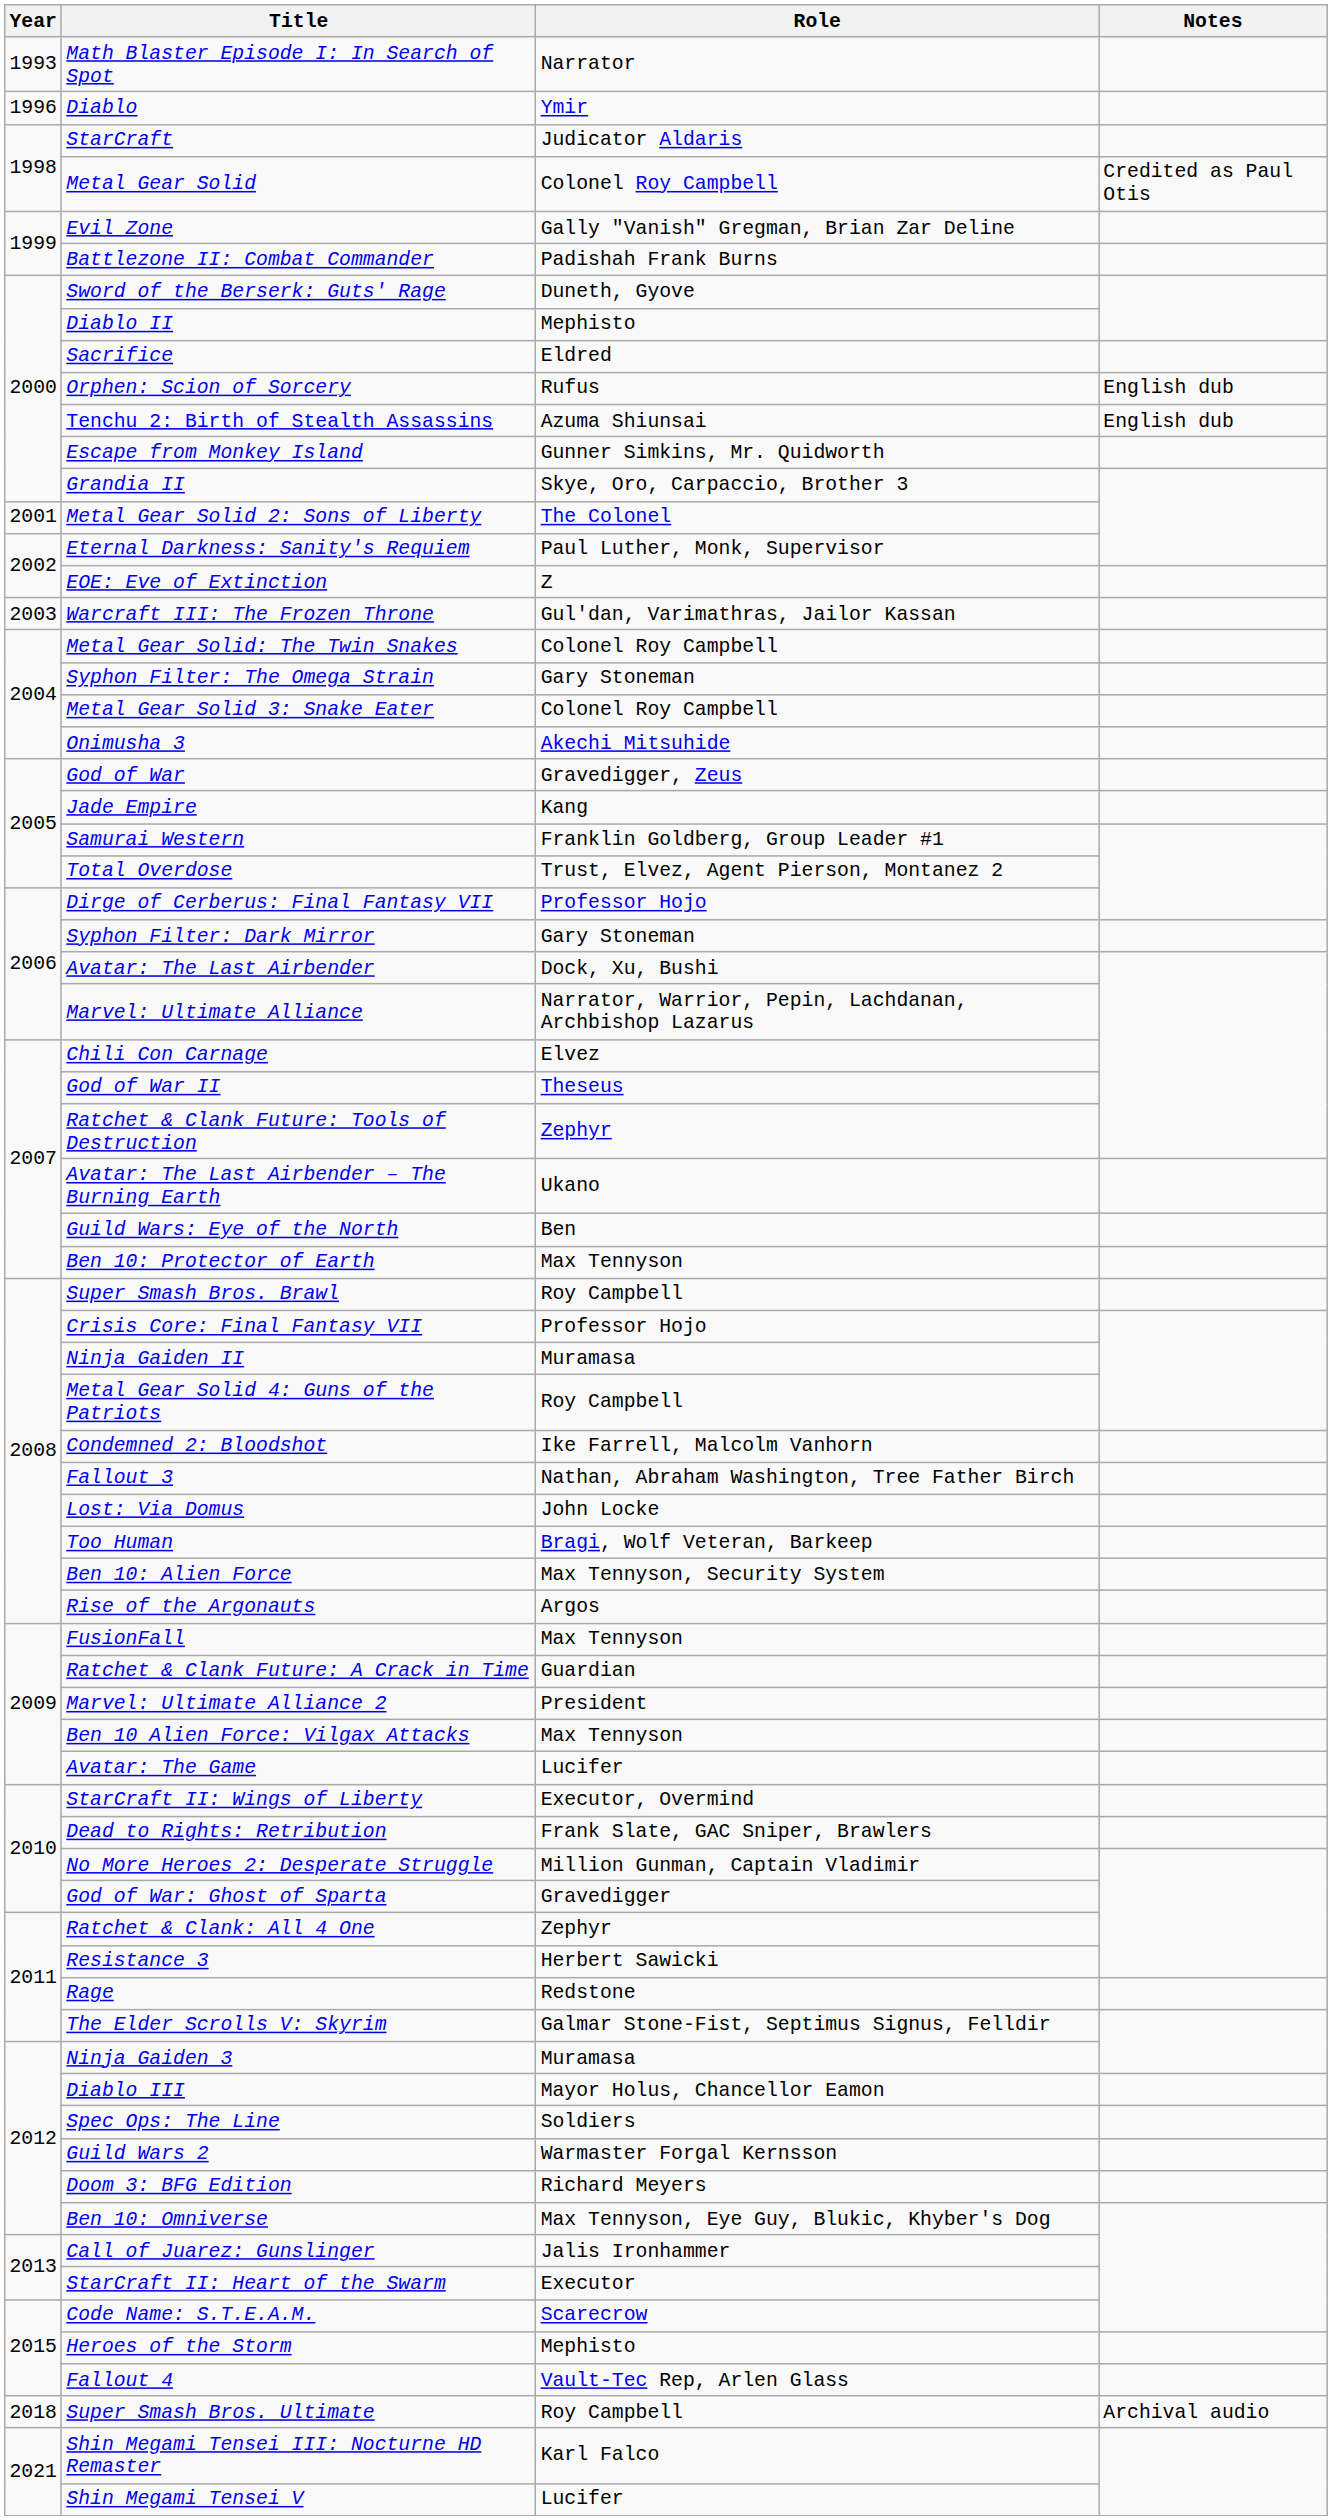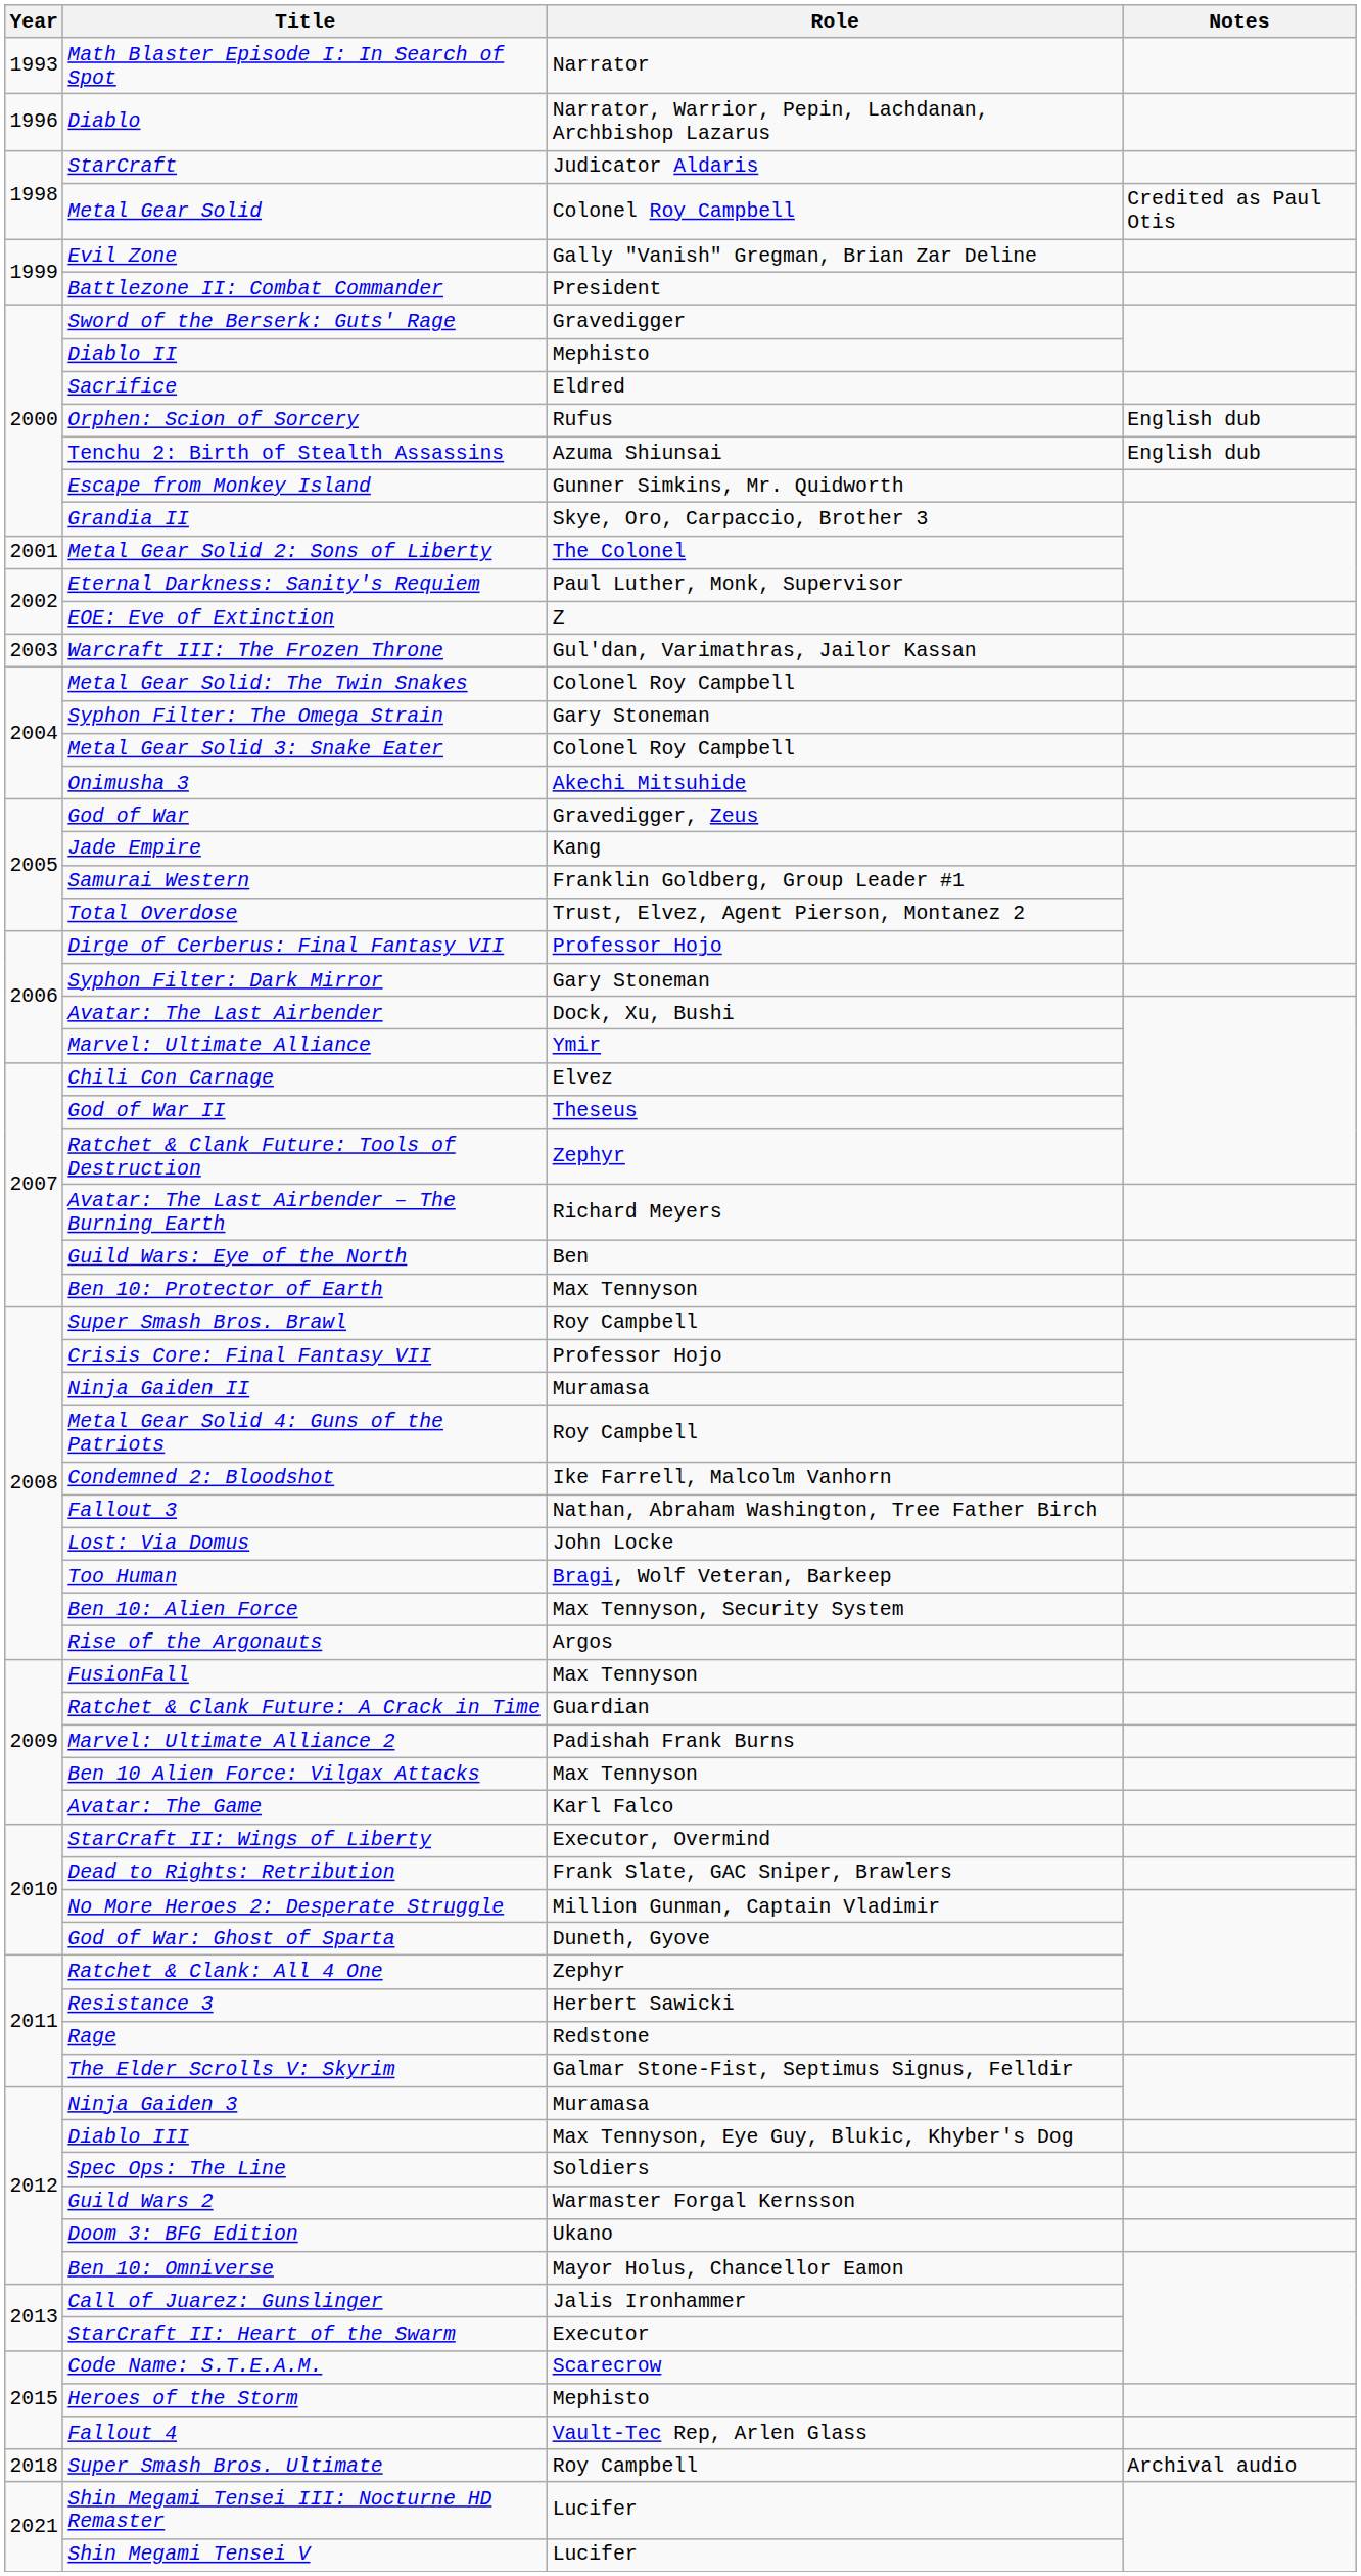 <table class="wikitable sortable">
 <tr>
 <th>Year</th>
 <th>Title</th>
 <th>Role</th>
 <th>Notes</th>
 </tr>
 <tr>
 <td>1993</td>
 <td><em><a href='#'>Math Blaster Episode I: In Search of Spot</a></em></td>
 <td>Narrator</td>
 <td></td>
 </tr>
 <tr>
 <td>1996</td>
 <td><em><a href='#'>Diablo</a></em></td>
-<td><a href='#'>Ymir</a></td>
+<td>Narrator, Warrior, Pepin, Lachdanan, Archbishop Lazarus</td>
 <td></td>
 </tr>
 <tr>
 <td rowspan="2">1998</td>
 <td><em><a href='#'>StarCraft</a></em></td>
 <td>Judicator <a href='#'>Aldaris</a></td>
 <td></td>
 </tr>
 <tr>
 <td><em><a href='#'>Metal Gear Solid</a></em></td>
 <td>Colonel <a href='#'>Roy Campbell</a></td>
 <td>Credited as Paul Otis</td>
 </tr>
 <tr>
 <td rowspan="2">1999</td>
 <td><em><a href='#'>Evil Zone</a></em></td>
 <td>Gally "Vanish" Gregman, Brian Zar Deline</td>
 <td></td>
 </tr>
 <tr>
 <td><em><a href='#'>Battlezone II: Combat Commander</a></em></td>
-<td>Padishah Frank Burns</td>
+<td>President</td>
 <td></td>
 </tr>
 <tr>
 <td rowspan="7">2000</td>
 <td><em><a href='#'>Sword of the Berserk: Guts' Rage</a></em></td>
-<td>Duneth, Gyove</td>
+<td>Gravedigger</td>
 <td rowspan="2"></td>
 </tr>
 <tr>
 <td><em><a href='#'>Diablo II</a></em></td>
 <td>Mephisto</td>
 </tr>
 <tr>
 <td><em><a href='#'>Sacrifice</a></em></td>
 <td>Eldred</td>
 <td></td>
 </tr>
 <tr>
 <td><em><a href='#'>Orphen: Scion of Sorcery</a></em></td>
 <td>Rufus</td>
 <td>English dub</td>
 </tr>
 <tr>
 <td><a href='#'>Tenchu 2: Birth of Stealth Assassins</a></td>
 <td>Azuma Shiunsai</td>
 <td>English dub</td>
 </tr>
 <tr>
 <td><em><a href='#'>Escape from Monkey Island</a></em></td>
 <td>Gunner Simkins, Mr. Quidworth</td>
 <td></td>
 </tr>
 <tr>
 <td><em><a href='#'>Grandia II</a></em></td>
 <td>Skye, Oro, Carpaccio, Brother 3</td>
 <td rowspan="3"></td>
 </tr>
 <tr>
 <td>2001</td>
 <td><em><a href='#'>Metal Gear Solid 2: Sons of Liberty</a></em></td>
 <td><a href='#'>The Colonel</a></td>
 </tr>
 <tr>
 <td rowspan="2">2002</td>
 <td><em><a href='#'>Eternal Darkness: Sanity's Requiem</a></em></td>
 <td>Paul Luther, Monk, Supervisor</td>
 </tr>
 <tr>
 <td><em><a href='#'>EOE: Eve of Extinction</a></em></td>
 <td>Z</td>
 <td></td>
 </tr>
 <tr>
 <td>2003</td>
 <td><em><a href='#'>Warcraft III: The Frozen Throne</a></em></td>
 <td>Gul'dan, Varimathras, Jailor Kassan</td>
 <td></td>
 </tr>
 <tr>
 <td rowspan="4">2004</td>
 <td><em><a href='#'>Metal Gear Solid: The Twin Snakes</a></em></td>
 <td>Colonel Roy Campbell</td>
 <td></td>
 </tr>
 <tr>
 <td><em><a href='#'>Syphon Filter: The Omega Strain</a></em></td>
 <td>Gary Stoneman</td>
 <td></td>
 </tr>
 <tr>
 <td><em><a href='#'>Metal Gear Solid 3: Snake Eater</a></em></td>
 <td>Colonel Roy Campbell</td>
 <td></td>
 </tr>
 <tr>
 <td><em><a href='#'>Onimusha 3</a></em></td>
 <td><a href='#'>Akechi Mitsuhide</a></td>
 <td></td>
 </tr>
 <tr>
 <td rowspan="4">2005</td>
 <td><em><a href='#'>God of War</a></em></td>
 <td>Gravedigger, <a href='#'>Zeus</a></td>
 <td></td>
 </tr>
 <tr>
 <td><em><a href='#'>Jade Empire</a></em></td>
 <td>Kang</td>
 <td></td>
 </tr>
 <tr>
 <td><em><a href='#'>Samurai Western</a></em></td>
 <td>Franklin Goldberg, Group Leader #1</td>
 <td rowspan="3"></td>
 </tr>
 <tr>
 <td><em><a href='#'>Total Overdose</a></em></td>
 <td>Trust, Elvez, Agent Pierson, Montanez 2</td>
 </tr>
 <tr>
 <td rowspan="4">2006</td>
 <td><em><a href='#'>Dirge of Cerberus: Final Fantasy VII</a></em></td>
 <td><a href='#'>Professor Hojo</a></td>
 </tr>
 <tr>
 <td><em><a href='#'>Syphon Filter: Dark Mirror</a></em></td>
 <td>Gary Stoneman</td>
 <td></td>
 </tr>
 <tr>
 <td><em><a href='#'>Avatar: The Last Airbender</a></em></td>
 <td>Dock, Xu, Bushi</td>
 <td rowspan="5"></td>
 </tr>
 <tr>
 <td><em><a href='#'>Marvel: Ultimate Alliance</a></em></td>
-<td>Narrator, Warrior, Pepin, Lachdanan, Archbishop Lazarus</td>
+<td><a href='#'>Ymir</a></td>
 </tr>
 <tr>
 <td rowspan="6">2007</td>
 <td><em><a href='#'>Chili Con Carnage</a></em></td>
 <td>Elvez</td>
 </tr>
 <tr>
 <td><em><a href='#'>God of War II</a></em></td>
 <td><a href='#'>Theseus</a></td>
 </tr>
 <tr>
 <td><em><a href='#'>Ratchet & Clank Future: Tools of Destruction</a></em></td>
 <td><a href='#'>Zephyr</a></td>
 </tr>
 <tr>
 <td><em><a href='#'>Avatar: The Last Airbender – The Burning Earth</a></em></td>
-<td>Ukano</td>
+<td>Richard Meyers</td>
 <td></td>
 </tr>
 <tr>
 <td><em><a href='#'>Guild Wars: Eye of the North</a></em></td>
 <td>Ben</td>
 <td></td>
 </tr>
 <tr>
 <td><em><a href='#'>Ben 10: Protector of Earth</a></em></td>
 <td>Max Tennyson</td>
 <td></td>
 </tr>
 <tr>
 <td rowspan="10">2008</td>
 <td><em><a href='#'>Super Smash Bros. Brawl</a></em></td>
 <td>Roy Campbell</td>
 <td></td>
 </tr>
 <tr>
 <td><em><a href='#'>Crisis Core: Final Fantasy VII</a></em></td>
 <td>Professor Hojo</td>
 <td rowspan="3"></td>
 </tr>
 <tr>
 <td><em><a href='#'>Ninja Gaiden II</a></em></td>
 <td>Muramasa</td>
 </tr>
 <tr>
 <td><em><a href='#'>Metal Gear Solid 4: Guns of the Patriots</a></em></td>
 <td>Roy Campbell</td>
 </tr>
 <tr>
 <td><em><a href='#'>Condemned 2: Bloodshot</a></em></td>
 <td>Ike Farrell, Malcolm Vanhorn</td>
 <td></td>
 </tr>
 <tr>
 <td><em><a href='#'>Fallout 3</a></em></td>
 <td>Nathan, Abraham Washington, Tree Father Birch</td>
 <td></td>
 </tr>
 <tr>
 <td><em><a href='#'>Lost: Via Domus</a></em></td>
 <td>John Locke</td>
 <td></td>
 </tr>
 <tr>
 <td><em><a href='#'>Too Human</a></em></td>
 <td><a href='#'>Bragi</a>, Wolf Veteran, Barkeep</td>
 <td></td>
 </tr>
 <tr>
 <td><em><a href='#'>Ben 10: Alien Force</a></em></td>
 <td>Max Tennyson, Security System</td>
 <td></td>
 </tr>
 <tr>
 <td><em><a href='#'>Rise of the Argonauts</a></em></td>
 <td>Argos</td>
 <td></td>
 </tr>
 <tr>
 <td rowspan="5">2009</td>
 <td><em><a href='#'>FusionFall</a></em></td>
 <td>Max Tennyson</td>
 <td></td>
 </tr>
 <tr>
 <td><em><a href='#'>Ratchet & Clank Future: A Crack in Time</a></em></td>
 <td>Guardian</td>
 <td></td>
 </tr>
 <tr>
 <td><em><a href='#'>Marvel: Ultimate Alliance 2</a></em></td>
-<td>President</td>
+<td>Padishah Frank Burns</td>
 <td></td>
 </tr>
 <tr>
 <td><em><a href='#'>Ben 10 Alien Force: Vilgax Attacks</a></em></td>
 <td>Max Tennyson</td>
 <td></td>
 </tr>
 <tr>
 <td><em><a href='#'>Avatar: The Game</a></em></td>
-<td>Lucifer</td>
+<td>Karl Falco</td>
 <td></td>
 </tr>
 <tr>
 <td rowspan="4">2010</td>
 <td><em><a href='#'>StarCraft II: Wings of Liberty</a></em></td>
 <td>Executor, Overmind</td>
 <td></td>
 </tr>
 <tr>
 <td><em><a href='#'>Dead to Rights: Retribution</a></em></td>
 <td>Frank Slate, GAC Sniper, Brawlers</td>
 <td></td>
 </tr>
 <tr>
 <td><em><a href='#'>No More Heroes 2: Desperate Struggle</a></em></td>
 <td>Million Gunman, Captain Vladimir</td>
 <td rowspan="4"></td>
 </tr>
 <tr>
 <td><em><a href='#'>God of War: Ghost of Sparta</a></em></td>
-<td>Gravedigger</td>
+<td>Duneth, Gyove</td>
 </tr>
 <tr>
 <td rowspan="4">2011</td>
 <td><em><a href='#'>Ratchet & Clank: All 4 One</a></em></td>
 <td>Zephyr</td>
 </tr>
 <tr>
 <td><em><a href='#'>Resistance 3</a></em></td>
 <td>Herbert Sawicki</td>
 </tr>
 <tr>
 <td><em><a href='#'>Rage</a></em></td>
 <td>Redstone</td>
 <td></td>
 </tr>
 <tr>
 <td><em><a href='#'>The Elder Scrolls V: Skyrim</a></em></td>
 <td>Galmar Stone-Fist, Septimus Signus, Felldir</td>
 <td rowspan="2"></td>
 </tr>
 <tr>
 <td rowspan="6">2012</td>
 <td><em><a href='#'>Ninja Gaiden 3</a></em></td>
 <td>Muramasa</td>
 </tr>
 <tr>
 <td><em><a href='#'>Diablo III</a></em></td>
-<td>Mayor Holus, Chancellor Eamon</td>
+<td>Max Tennyson, Eye Guy, Blukic, Khyber's Dog</td>
 <td></td>
 </tr>
 <tr>
 <td><em><a href='#'>Spec Ops: The Line</a></em></td>
 <td>Soldiers</td>
 <td></td>
 </tr>
 <tr>
 <td><em><a href='#'>Guild Wars 2</a></em></td>
 <td>Warmaster Forgal Kernsson</td>
 <td></td>
 </tr>
 <tr>
 <td><em><a href='#'>Doom 3: BFG Edition</a></em></td>
-<td>Richard Meyers</td>
+<td>Ukano</td>
 <td></td>
 </tr>
 <tr>
 <td><em><a href='#'>Ben 10: Omniverse</a></em></td>
-<td>Max Tennyson, Eye Guy, Blukic, Khyber's Dog</td>
+<td>Mayor Holus, Chancellor Eamon</td>
 <td rowspan="4"></td>
 </tr>
 <tr>
 <td rowspan="2">2013</td>
 <td><em><a href='#'>Call of Juarez: Gunslinger</a></em></td>
 <td>Jalis Ironhammer</td>
 </tr>
 <tr>
 <td><em><a href='#'>StarCraft II: Heart of the Swarm</a></em></td>
 <td>Executor</td>
 </tr>
 <tr>
 <td rowspan="3">2015</td>
 <td><em><a href='#'>Code Name: S.T.E.A.M.</a></em></td>
 <td><a href='#'>Scarecrow</a></td>
 </tr>
 <tr>
 <td><em><a href='#'>Heroes of the Storm</a></em></td>
 <td>Mephisto</td>
 <td></td>
 </tr>
 <tr>
 <td><em><a href='#'>Fallout 4</a></em></td>
 <td><a href='#'>Vault-Tec</a> Rep, Arlen Glass</td>
 <td></td>
 </tr>
 <tr>
 <td>2018</td>
 <td><em><a href='#'>Super Smash Bros. Ultimate</a></em></td>
 <td>Roy Campbell</td>
 <td>Archival audio</td>
 </tr>
 <tr>
 <td rowspan="2">2021</td>
 <td><em><a href='#'>Shin Megami Tensei III: Nocturne HD Remaster</a></em></td>
-<td>Karl Falco</td>
+<td>Lucifer</td>
 <td rowspan="2"></td>
 </tr>
 <tr>
 <td><em><a href='#'>Shin Megami Tensei V</a></em></td>
 <td>Lucifer</td>
 </tr>
 </table>
